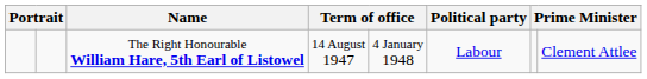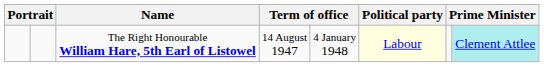 <table class="wikitable" style="text-align:center">
 <tr>
 <th colspan=2>Portrait</th>
 <th>Name</th>
 <th colspan=2>Term of office</th>
 <th>Political party</th>
 <th colspan=2>Prime Minister</th>
 </tr>
 <tr>
 <td style="background-color: "></td>
 <td></td>
 <td><small>The Right Honourable</small><br><strong><a href='#'>William Hare, 5th Earl of Listowel</a></strong></td>
 <td><small>14 August</small><br>1947</td>
 <td><small>4 January</small><br>1948</td>
-<td><a href='#'>Labour</a></td>
+<td style="background: lightyellow;"><a href='#'>Labour</a></td>
 <td style="background-color: "></td>
-<td><a href='#'>Clement Attlee</a></td>
+<td style="background: paleturquoise;"><a href='#'>Clement Attlee</a></td>
 </tr>
 </table>
